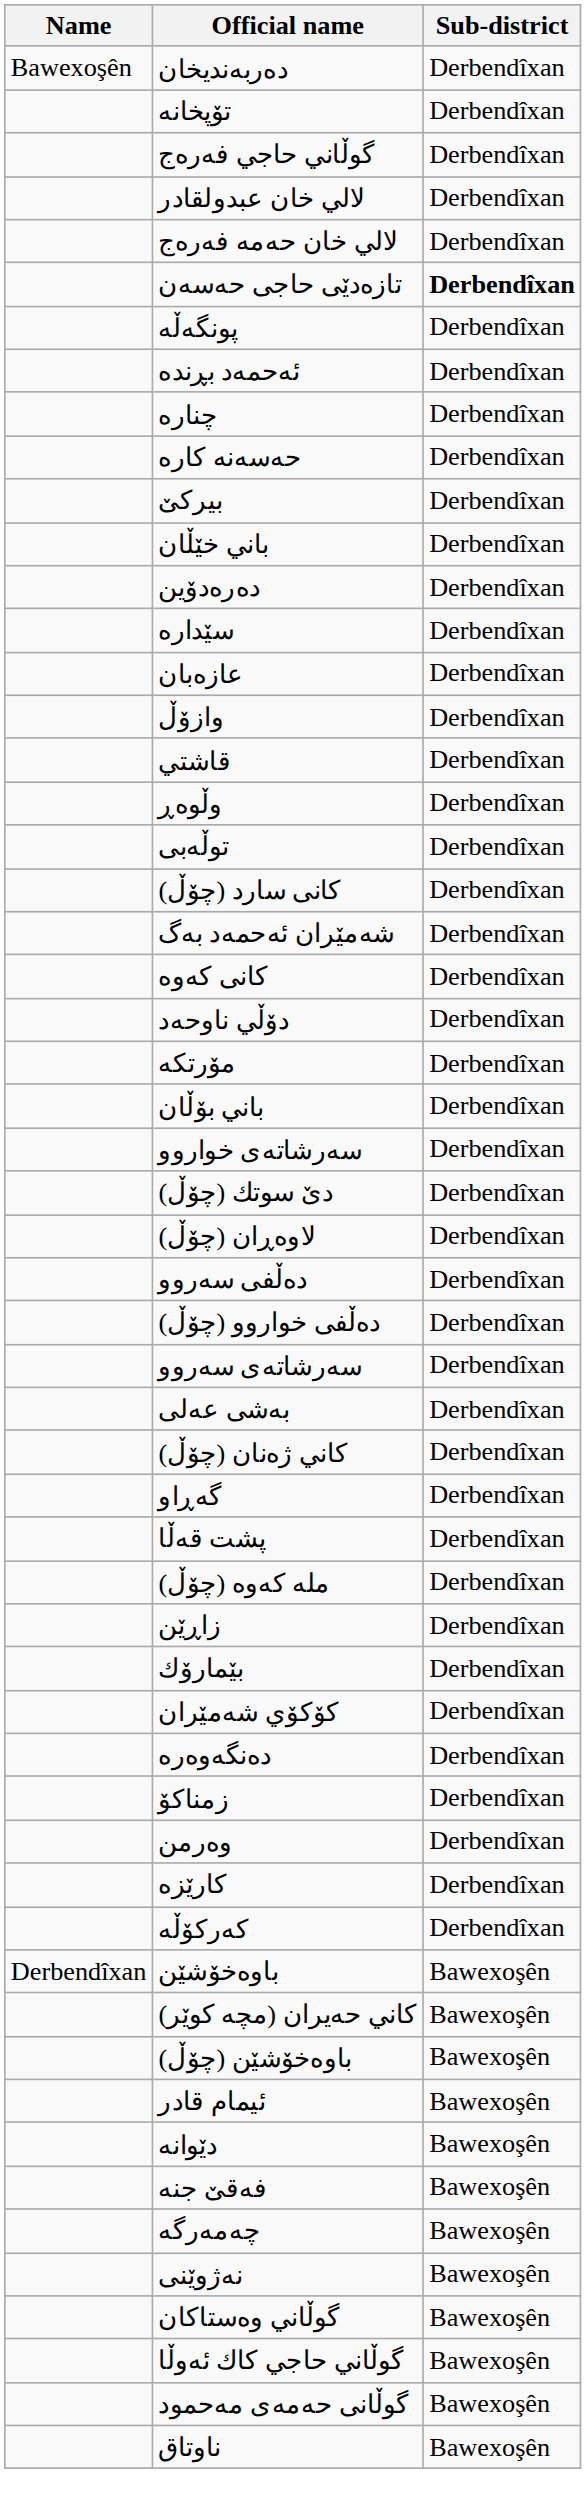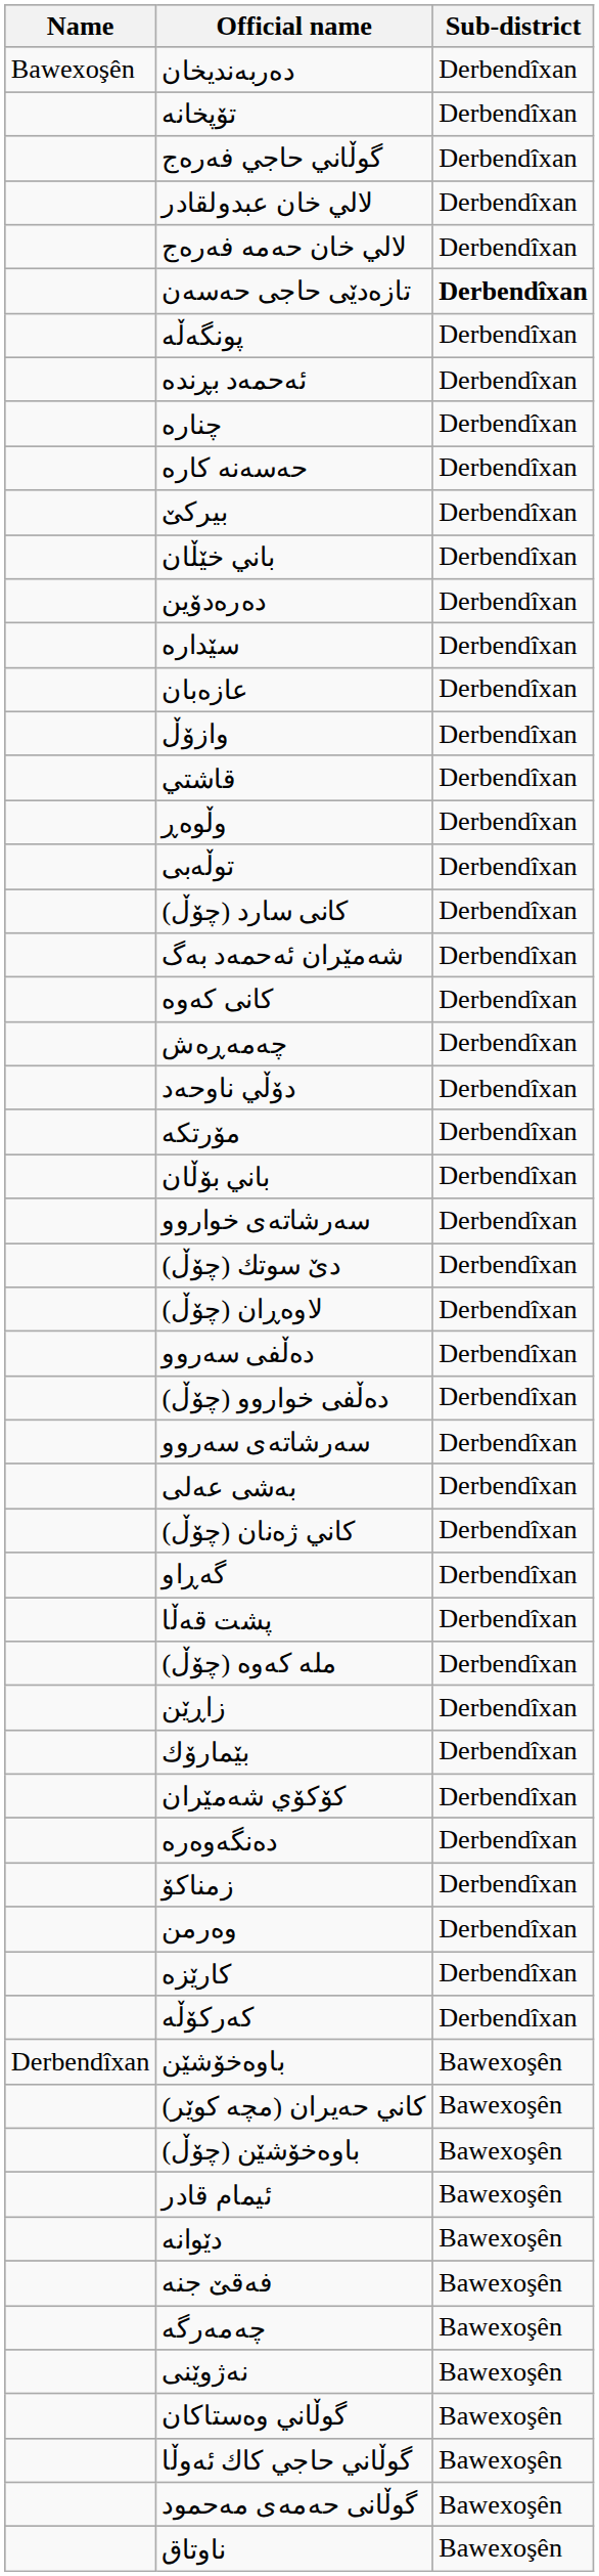 <table class="wikitable">
 <tr>
 <th>Name</th>
 <th>Official name</th>
 <th>Sub-district</th>
 </tr>
 <tr>
 <td>Bawexoşên</td>
 <td>ده‌ربه‌ندیخان</td>
 <td>Derbendîxan</td>
 </tr>
 <tr>
 <td></td>
 <td>تۆپخانه</td>
 <td>Derbendîxan</td>
 </tr>
 <tr>
 <td></td>
 <td>گوڵاني حاجي فه‌ره‌ج</td>
 <td>Derbendîxan</td>
 </tr>
 <tr>
 <td></td>
 <td>لالي خان عبدولقادر</td>
 <td>Derbendîxan</td>
 </tr>
 <tr>
 <td></td>
 <td>لالي خان حه‌مه‌ فه‌ره‌ج</td>
 <td>Derbendîxan</td>
 </tr>
 <tr>
 <td></td>
 <td>تازه‌دێی حاجی حه‌سه‌ن</td>
 <td><strong>Derbendîxan</strong></td>
 </tr>
 <tr>
 <td></td>
 <td>پونگه‌ڵه‌</td>
 <td>Derbendîxan</td>
 </tr>
 <tr>
 <td></td>
 <td>ئه‌حمه‌د بڕنده</td>
 <td>Derbendîxan</td>
 </tr>
 <tr>
 <td></td>
 <td>چناره</td>
 <td>Derbendîxan</td>
 </tr>
 <tr>
 <td></td>
 <td>حه‌سه‌نه‌ كاره</td>
 <td>Derbendîxan</td>
 </tr>
 <tr>
 <td></td>
 <td>بيركێ</td>
 <td>Derbendîxan</td>
 </tr>
 <tr>
 <td></td>
 <td>باني خێڵان</td>
 <td>Derbendîxan</td>
 </tr>
 <tr>
 <td></td>
 <td>ده‌ره‌دۆین</td>
 <td>Derbendîxan</td>
 </tr>
 <tr>
 <td></td>
 <td>سێداره</td>
 <td>Derbendîxan</td>
 </tr>
 <tr>
 <td></td>
 <td>عازه‌بان</td>
 <td>Derbendîxan</td>
 </tr>
 <tr>
 <td></td>
 <td>وازۆڵ</td>
 <td>Derbendîxan</td>
 </tr>
 <tr>
 <td></td>
 <td>قاشتي</td>
 <td>Derbendîxan</td>
 </tr>
 <tr>
 <td></td>
 <td>وڵوه‌ڕ</td>
 <td>Derbendîxan</td>
 </tr>
 <tr>
 <td></td>
 <td>توڵه‌بی</td>
 <td>Derbendîxan</td>
 </tr>
 <tr>
 <td></td>
 <td>(كانى سارد (چۆڵ</td>
 <td>Derbendîxan</td>
 </tr>
 <tr>
 <td></td>
 <td>شه‌مێران ئه‌حمه‌د به‌گ</td>
 <td>Derbendîxan</td>
 </tr>
 <tr>
 <td></td>
 <td>کانی که‌وه‌</td>
+<td>Derbendîxan</td>
+</tr>
+<tr>
+<td></td>
+<td>چه‌مه‌ڕه‌ش</td>
 <td>Derbendîxan</td>
 </tr>
 <tr>
 <td></td>
 <td>دۆڵي ناوحه‌د</td>
 <td>Derbendîxan</td>
 </tr>
 <tr>
 <td></td>
 <td>مۆرتكه</td>
 <td>Derbendîxan</td>
 </tr>
 <tr>
 <td></td>
 <td>باني بۆڵان</td>
 <td>Derbendîxan</td>
 </tr>
 <tr>
 <td></td>
 <td>سه‌رشاته‌ی خواروو</td>
 <td>Derbendîxan</td>
 </tr>
 <tr>
 <td></td>
 <td>(دێ سوتك (چۆڵ</td>
 <td>Derbendîxan</td>
 </tr>
 <tr>
 <td></td>
 <td>(لاوه‌ڕان (چۆڵ</td>
 <td>Derbendîxan</td>
 </tr>
 <tr>
 <td></td>
 <td>ده‌ڵفی سه‌روو</td>
 <td>Derbendîxan</td>
 </tr>
 <tr>
 <td></td>
 <td>(ده‌ڵفی خواروو (چۆڵ</td>
 <td>Derbendîxan</td>
 </tr>
 <tr>
 <td></td>
 <td>سه‌رشاته‌ی سه‌روو</td>
 <td>Derbendîxan</td>
 </tr>
 <tr>
 <td></td>
 <td>به‌شی عه‌لی</td>
 <td>Derbendîxan</td>
 </tr>
 <tr>
 <td></td>
 <td>(كاني ژه‌نان (چۆڵ</td>
 <td>Derbendîxan</td>
 </tr>
 <tr>
 <td></td>
 <td>گه‌ڕاو</td>
 <td>Derbendîxan</td>
 </tr>
 <tr>
 <td></td>
 <td>پشت قه‌ڵا</td>
 <td>Derbendîxan</td>
 </tr>
 <tr>
 <td></td>
 <td>(مله‌ که‌وه‌ (چۆڵ</td>
 <td>Derbendîxan</td>
 </tr>
 <tr>
 <td></td>
 <td>زاڕێن</td>
 <td>Derbendîxan</td>
 </tr>
 <tr>
 <td></td>
 <td>بێمارۆك</td>
 <td>Derbendîxan</td>
 </tr>
 <tr>
 <td></td>
 <td>كۆكۆي شه‌مێران</td>
 <td>Derbendîxan</td>
 </tr>
 <tr>
 <td></td>
 <td>ده‌نگه‌وه‌ره‌</td>
 <td>Derbendîxan</td>
 </tr>
 <tr>
 <td></td>
 <td>زمناكۆ</td>
 <td>Derbendîxan</td>
 </tr>
 <tr>
 <td></td>
 <td>وه‌رمن</td>
 <td>Derbendîxan</td>
 </tr>
 <tr>
 <td></td>
 <td>كارێزه</td>
 <td>Derbendîxan</td>
 </tr>
 <tr>
 <td></td>
 <td>که‌رکۆڵه‌</td>
 <td>Derbendîxan</td>
 </tr>
 <tr>
 <td>Derbendîxan</td>
 <td>باوه‌خۆشێن</td>
 <td>Bawexoşên</td>
 </tr>
 <tr>
 <td></td>
 <td>(كاني حه‌یران (مچه كوێر</td>
 <td>Bawexoşên</td>
 </tr>
 <tr>
 <td></td>
 <td>(باوه‌خۆشێن (چۆڵ</td>
 <td>Bawexoşên</td>
 </tr>
 <tr>
 <td></td>
 <td>ئيمام قادر</td>
 <td>Bawexoşên</td>
 </tr>
 <tr>
 <td></td>
 <td>دێوانه</td>
 <td>Bawexoşên</td>
 </tr>
 <tr>
 <td></td>
 <td>فه‌قێ جنه‌</td>
 <td>Bawexoşên</td>
 </tr>
 <tr>
 <td></td>
 <td>چه‌مه‌رگه</td>
 <td>Bawexoşên</td>
 </tr>
 <tr>
 <td></td>
 <td>نه‌ژوێنی</td>
 <td>Bawexoşên</td>
 </tr>
 <tr>
 <td></td>
 <td>گوڵاني وه‌ستاکان</td>
 <td>Bawexoşên</td>
 </tr>
 <tr>
 <td></td>
 <td>گوڵاني حاجي كاك ئه‌وڵا</td>
 <td>Bawexoşên</td>
 </tr>
 <tr>
 <td></td>
 <td>گوڵانی حه‌مه‌ی مه‌حمود</td>
 <td>Bawexoşên</td>
 </tr>
 <tr>
 <td></td>
 <td>ناوتاق</td>
 <td>Bawexoşên</td>
 </tr>
 </table>
